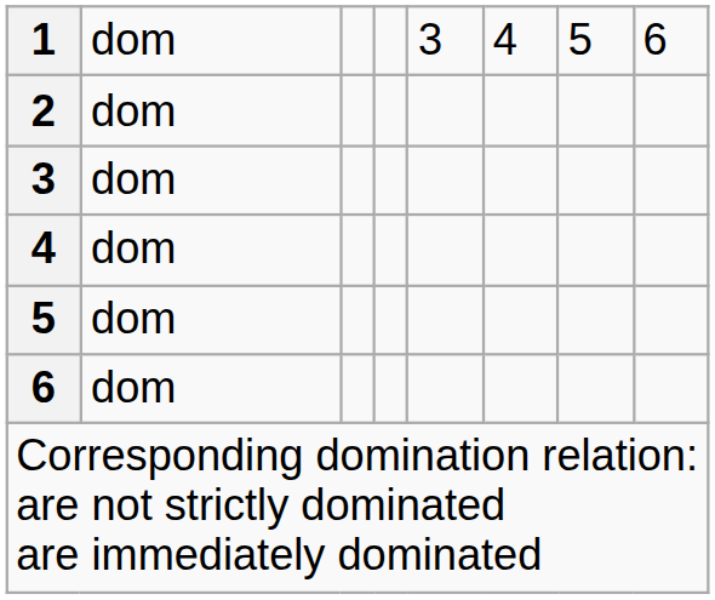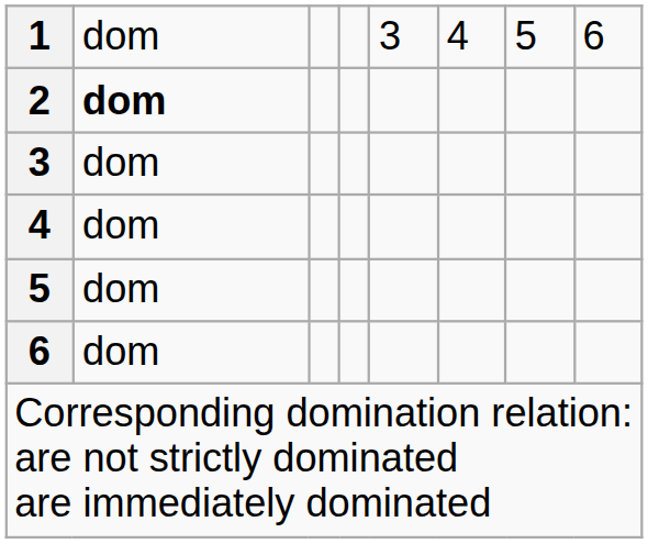 <table style="float:right" class=wikitable>
 <tr>
 <th>1</th>
 <td>dom    </td>
 <td></td>
 <td></td>
 <td>3</td>
 <td>4</td>
 <td>5</td>
 <td>6</td>
 </tr>
 <tr>
 <th>2</th>
-<td>dom</td>
+<td><strong>dom</strong></td>
 <td></td>
 <td></td>
 <td></td>
 <td></td>
 <td></td>
 <td></td>
 </tr>
 <tr>
 <th>3</th>
 <td>dom</td>
 <td></td>
 <td></td>
 <td></td>
 <td></td>
 <td></td>
 <td></td>
 </tr>
 <tr>
 <th>4</th>
 <td>dom</td>
 <td></td>
 <td></td>
 <td></td>
 <td></td>
 <td></td>
 <td></td>
 </tr>
 <tr>
 <th>5</th>
 <td>dom</td>
 <td></td>
 <td></td>
 <td></td>
 <td></td>
 <td></td>
 <td></td>
 </tr>
 <tr>
 <th>6</th>
 <td>dom</td>
 <td></td>
 <td></td>
 <td></td>
 <td></td>
 <td></td>
 <td></td>
 </tr>
 <tr>
 <td colspan=8>Corresponding domination relation:<br> are not strictly dominated<br> are immediately dominated</td>
 </tr>
 </table>
